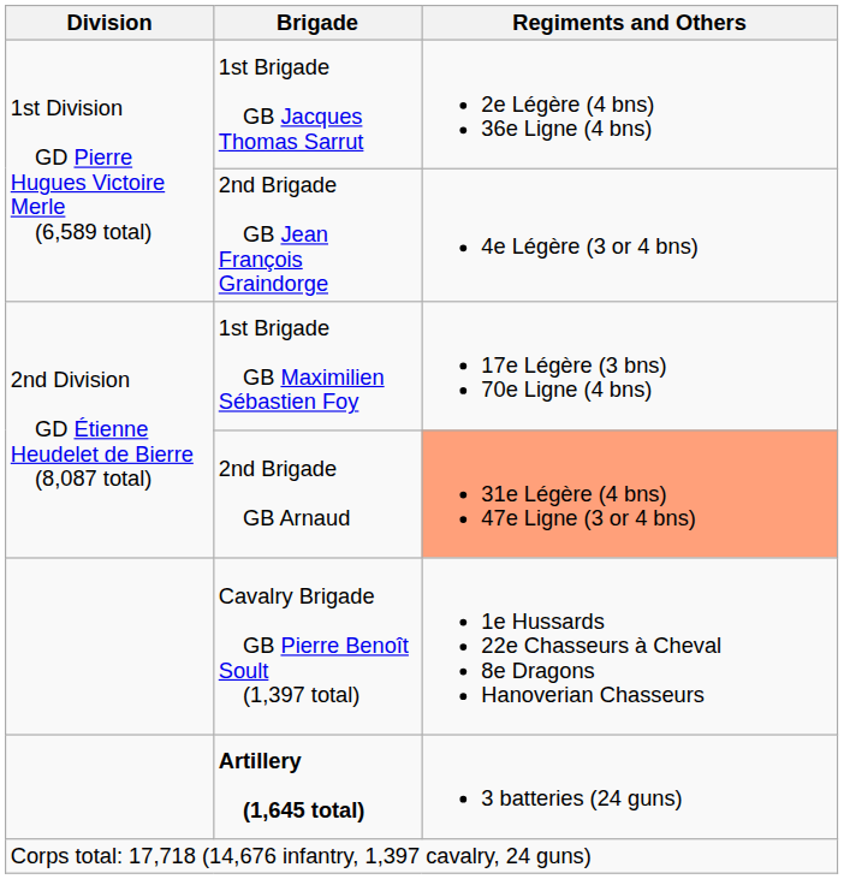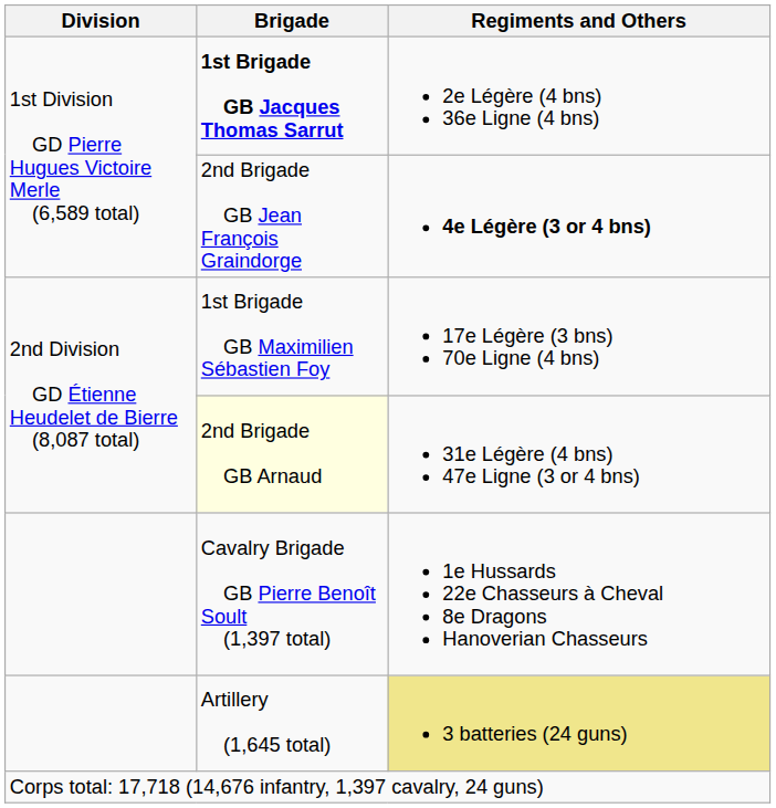 <table class="wikitable">
 <tr>
 <th style="width:25%;">Division</th>
 <th style="width:25%;">Brigade</th>
 <th>Regiments and Others</th>
 </tr>
 <tr>
 <td rowspan=2>1st Division<br><br>    GD <a href='#'>Pierre Hugues Victoire Merle</a> <br>    (6,589 total)</td>
-<td>1st Brigade<br><br>    GB <a href='#'>Jacques Thomas Sarrut</a></td>
+<td><strong>1st Brigade<br><br>    GB <a href='#'>Jacques Thomas Sarrut</a></strong></td>
 <td><br><ul><li>2e Légère (4 bns)</li><li>36e Ligne (4 bns)</li></ul></td>
 </tr>
 <tr>
 <td>2nd Brigade<br><br>    GB <a href='#'>Jean François Graindorge</a></td>
-<td><br><ul><li>4e Légère (3 or 4 bns)</li></ul></td>
+<td><strong><br><ul><li>4e Légère (3 or 4 bns)</li></ul></strong></td>
 </tr>
 <tr>
 <td rowspan=2>2nd Division<br><br>    GD <a href='#'>Étienne Heudelet de Bierre</a> <br>    (8,087 total)</td>
 <td>1st Brigade<br><br>    GB <a href='#'>Maximilien Sébastien Foy</a></td>
 <td><br><ul><li>17e Légère (3 bns)</li><li>70e Ligne (4 bns)</li></ul></td>
 </tr>
 <tr>
-<td>2nd Brigade<br><br>    GB Arnaud</td>
-<td style="background: lightsalmon;"><br><ul><li>31e Légère (4 bns)</li><li>47e Ligne (3 or 4 bns)</li></ul></td>
+<td style="background: lightyellow;">2nd Brigade<br><br>    GB Arnaud</td>
+<td><br><ul><li>31e Légère (4 bns)</li><li>47e Ligne (3 or 4 bns)</li></ul></td>
 </tr>
 <tr>
 <td></td>
 <td>Cavalry Brigade<br><br>    GB <a href='#'>Pierre Benoît Soult</a> <br>    (1,397 total)</td>
 <td><br><ul><li>1e Hussards</li><li>22e Chasseurs à Cheval</li><li>8e Dragons</li><li>Hanoverian Chasseurs</li></ul></td>
 </tr>
 <tr>
 <td></td>
-<td><strong>Artillery<br><br>    (1,645 total)</strong></td>
-<td><br><ul><li>3 batteries (24 guns)</li></ul></td>
+<td>Artillery<br><br>    (1,645 total)</td>
+<td style="background: khaki;"><br><ul><li>3 batteries (24 guns)</li></ul></td>
 </tr>
 <tr>
 <td colspan=3>Corps total: 17,718 (14,676 infantry, 1,397 cavalry, 24 guns)</td>
 </tr>
 </table>
